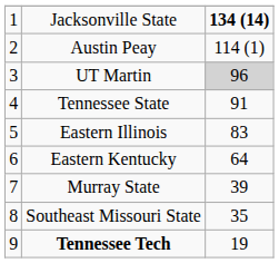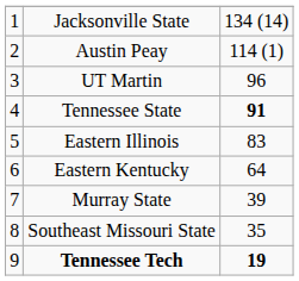 <table class="wikitable" style="display: inline-table;">
 <tr align="center">
 </tr>
 <tr align="center">
 <td>1</td>
 <td>Jacksonville State</td>
-<td><strong>134 (14)</strong></td>
+<td>134 (14)</td>
 </tr>
 <tr align="center">
 <td>2</td>
 <td>Austin Peay</td>
 <td>114 (1)</td>
 </tr>
 <tr align="center">
 <td>3</td>
 <td>UT Martin</td>
-<td style="background: lightgrey;">96</td>
+<td>96</td>
 </tr>
 <tr align="center">
 <td>4</td>
 <td>Tennessee State</td>
-<td>91</td>
+<td><strong>91</strong></td>
 </tr>
 <tr align="center">
 <td>5</td>
 <td>Eastern Illinois</td>
 <td>83</td>
 </tr>
 <tr align="center">
 <td>6</td>
 <td>Eastern Kentucky</td>
 <td>64</td>
 </tr>
 <tr align="center">
 <td>7</td>
 <td>Murray State</td>
 <td>39</td>
 </tr>
 <tr align="center">
 <td>8</td>
 <td>Southeast Missouri State</td>
 <td>35</td>
 </tr>
 <tr align="center">
 <td>9</td>
 <td><strong>Tennessee Tech</strong></td>
-<td>19</td>
+<td><strong>19</strong></td>
 </tr>
 </table>
